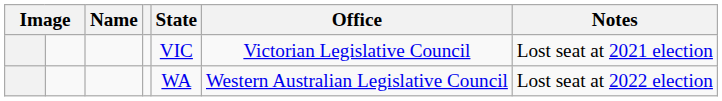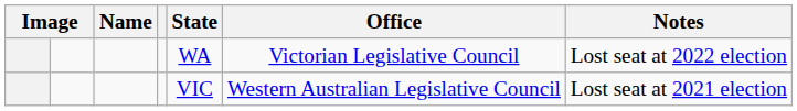 <table class="wikitable" style="text-align:center">
 <tr>
 <th colspan="2"; width=60>Image</th>
 <th>Name</th>
 <th></th>
 <th>State</th>
 <th>Office</th>
 <th>Notes</th>
 </tr>
 <tr>
 <th style="background:"></th>
 <td></td>
 <td></td>
 <td><br></td>
-<td><a href='#'>VIC</a></td>
+<td><a href='#'>WA</a></td>
 <td><a href='#'>Victorian Legislative Council</a> <br> </td>
-<td>Lost seat at <a href='#'>2021 election</a></td>
+<td>Lost seat at <a href='#'>2022 election</a></td>
 </tr>
 <tr>
 <th style="background:"></th>
 <td></td>
 <td></td>
 <td><br></td>
-<td><a href='#'>WA</a></td>
+<td><a href='#'>VIC</a></td>
 <td><a href='#'>Western Australian Legislative Council</a> <br> </td>
-<td>Lost seat at <a href='#'>2022 election</a></td>
+<td>Lost seat at <a href='#'>2021 election</a></td>
 </tr>
 </table>
